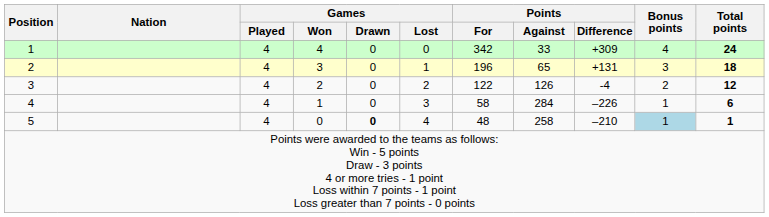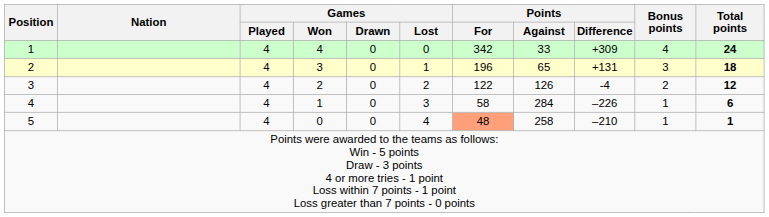 <table class="wikitable" style="text-align:center">
 <tr>
 <th rowspan="2" style="width:7%;">Position</th>
 <th rowspan="2" style="width:24%;">Nation</th>
 <th colspan="4" style="width:30%;">Games</th>
 <th colspan="3" style="width:32%;">Points</th>
 <th rowspan="2" style="width:8%;">Bonus<br>points</th>
 <th rowspan="2" style="width:10%;">Total<br>points</th>
 </tr>
 <tr>
 <th style="width:7%;">Played</th>
 <th style="width:7%;">Won</th>
 <th style="width:7%;">Drawn</th>
 <th style="width:7%;">Lost</th>
 <th style="width:8%;">For</th>
 <th style="width:8%;">Against</th>
 <th style="width:8%;">Difference</th>
 </tr>
 <tr bgcolor="#ccffcc">
 <td>1</td>
 <td align="left"></td>
 <td>4</td>
 <td>4</td>
 <td>0</td>
 <td>0</td>
 <td>342</td>
 <td>33</td>
 <td>+309</td>
 <td>4</td>
 <td><strong>24</strong></td>
 </tr>
 <tr bgcolor="#ffffcc">
 <td>2</td>
 <td align="left"></td>
 <td>4</td>
 <td>3</td>
 <td>0</td>
 <td>1</td>
 <td>196</td>
 <td>65</td>
 <td>+131</td>
 <td>3</td>
 <td><strong>18</strong></td>
 </tr>
 <tr>
 <td>3</td>
 <td align="left"></td>
 <td>4</td>
 <td>2</td>
 <td>0</td>
 <td>2</td>
 <td>122</td>
 <td>126</td>
 <td>-4</td>
 <td>2</td>
 <td><strong>12</strong></td>
 </tr>
 <tr>
 <td>4</td>
 <td align="left"></td>
 <td>4</td>
 <td>1</td>
 <td>0</td>
 <td>3</td>
 <td>58</td>
 <td>284</td>
 <td>–226</td>
 <td>1</td>
 <td><strong>6</strong></td>
 </tr>
 <tr>
 <td>5</td>
 <td align="left"></td>
 <td>4</td>
 <td>0</td>
-<td><strong>0</strong></td>
+<td>0</td>
 <td>4</td>
-<td>48</td>
+<td style="background: lightsalmon;">48</td>
 <td>258</td>
 <td>–210</td>
-<td style="background: lightblue;">1</td>
+<td>1</td>
 <td><strong>1</strong></td>
 </tr>
 <tr>
 <td colspan="100%" style="text-align:center;">Points were awarded to the teams as follows:<br>Win - 5 points<br>Draw - 3 points<br> 4 or more tries - 1 point<br> Loss within 7 points - 1 point<br>Loss greater than 7 points - 0 points</td>
 </tr>
 </table>
